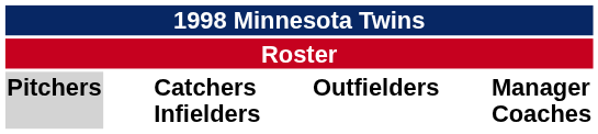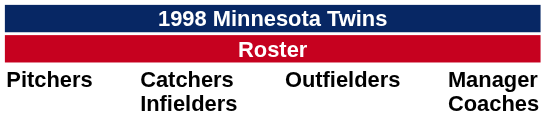 <table class="toccolours" style="font-size: 95%;">
 <tr>
 <th colspan="10" style="background-color: #072764; color: #FFFFFF; text-align: center;">1998 Minnesota Twins</th>
 </tr>
 <tr>
 <td colspan="10" style="background-color: #c6011f; color: white; text-align: center;"><strong>Roster</strong></td>
 </tr>
 <tr>
-<td valign="top" style="background: lightgrey;"><strong>Pitchers</strong><br>                </td>
+<td valign="top"><strong>Pitchers</strong><br>                </td>
 <td width="25px"></td>
 <td valign="top"><strong>Catchers</strong><br>   <strong>Infielders</strong>            </td>
 <td width="25px"></td>
 <td valign="top"><strong>Outfielders</strong><br>     </td>
 <td width="25px"></td>
 <td valign="top"><strong>Manager</strong><br> <strong>Coaches</strong>     </td>
 </tr>
 <tr>
 </tr>
 </table>
